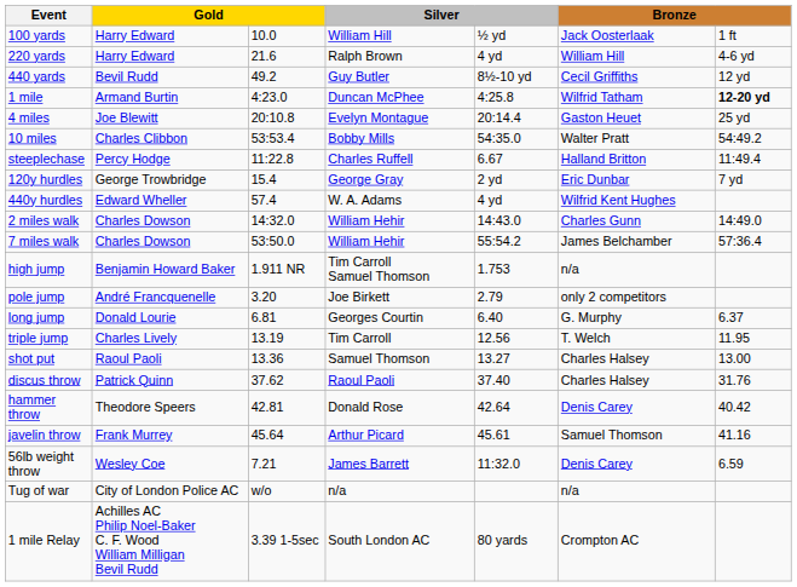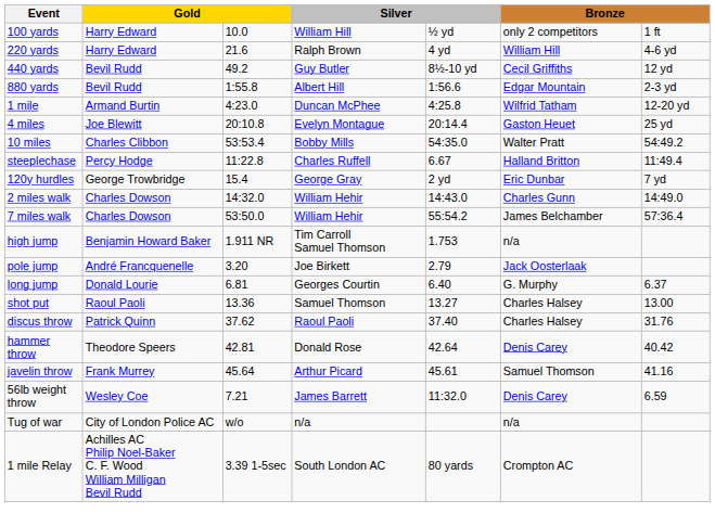 <table class="wikitable" style="text-align:left">
 <tr>
 <th width=100>Event</th>
 <th colspan="2" width="280" style="background:gold;">Gold</th>
 <th colspan="2" width="280" style="background:silver;">Silver</th>
 <th colspan="2" width="280" style="background:#CD7F32;">Bronze</th>
 </tr>
 <tr>
 <td><a href='#'>100 yards</a></td>
 <td><a href='#'>Harry Edward</a></td>
 <td>10.0</td>
 <td><a href='#'>William Hill</a></td>
 <td>½ yd</td>
-<td> <a href='#'>Jack Oosterlaak</a></td>
+<td>only 2 competitors</td>
 <td>1 ft</td>
 </tr>
 <tr>
 <td><a href='#'>220 yards</a></td>
 <td><a href='#'>Harry Edward</a></td>
 <td>21.6</td>
 <td> Ralph Brown</td>
 <td>4 yd</td>
 <td><a href='#'>William Hill</a></td>
 <td>4-6 yd</td>
 </tr>
 <tr>
 <td><a href='#'>440 yards</a></td>
 <td> <a href='#'>Bevil Rudd</a></td>
 <td>49.2</td>
 <td><a href='#'>Guy Butler</a></td>
 <td>8½-10 yd</td>
 <td> <a href='#'>Cecil Griffiths</a></td>
 <td>12 yd</td>
 </tr>
 <tr>
+<td><a href='#'>880 yards</a></td>
+<td> <a href='#'>Bevil Rudd</a></td>
+<td>1:55.8</td>
+<td><a href='#'>Albert Hill</a></td>
+<td>1:56.6</td>
+<td><a href='#'>Edgar Mountain</a></td>
+<td>2-3 yd</td>
+</tr>
+<tr>
 <td><a href='#'>1 mile</a></td>
 <td> <a href='#'>Armand Burtin</a></td>
 <td>4:23.0</td>
 <td> <a href='#'>Duncan McPhee</a></td>
 <td>4:25.8</td>
 <td><a href='#'>Wilfrid Tatham</a></td>
-<td><strong>12-20 yd</strong></td>
+<td>12-20 yd</td>
 </tr>
 <tr>
 <td><a href='#'>4 miles</a></td>
 <td><a href='#'>Joe Blewitt</a></td>
 <td>20:10.8</td>
 <td><a href='#'>Evelyn Montague</a></td>
 <td>20:14.4</td>
 <td> <a href='#'>Gaston Heuet</a></td>
 <td>25 yd</td>
 </tr>
 <tr>
 <td><a href='#'>10 miles</a></td>
 <td><a href='#'>Charles Clibbon</a></td>
 <td>53:53.4</td>
 <td><a href='#'>Bobby Mills</a></td>
 <td>54:35.0</td>
 <td>Walter Pratt</td>
 <td>54:49.2</td>
 </tr>
 <tr>
 <td><a href='#'>steeplechase</a></td>
 <td><a href='#'>Percy Hodge</a></td>
 <td>11:22.8</td>
 <td><a href='#'>Charles Ruffell</a></td>
 <td>6.67</td>
 <td><a href='#'>Halland Britton</a></td>
 <td>11:49.4</td>
 </tr>
 <tr>
 <td><a href='#'>120y hurdles</a></td>
 <td> George Trowbridge</td>
 <td>15.4</td>
 <td><a href='#'>George Gray</a></td>
 <td>2 yd</td>
 <td> <a href='#'>Eric Dunbar</a></td>
 <td>7 yd</td>
 </tr>
 <tr>
-<td><a href='#'>440y hurdles</a></td>
-<td><a href='#'>Edward Wheller</a></td>
-<td>57.4</td>
-<td> W. A. Adams</td>
-<td>4 yd</td>
-<td> <a href='#'>Wilfrid Kent Hughes</a></td>
-<td></td>
-</tr>
-<tr>
 <td><a href='#'>2 miles walk</a></td>
 <td><a href='#'>Charles Dowson</a></td>
 <td>14:32.0</td>
 <td><a href='#'>William Hehir</a></td>
 <td>14:43.0</td>
 <td><a href='#'>Charles Gunn</a></td>
 <td>14:49.0</td>
 </tr>
 <tr>
 <td><a href='#'>7 miles walk</a></td>
 <td><a href='#'>Charles Dowson</a></td>
 <td>53:50.0</td>
 <td><a href='#'>William Hehir</a></td>
 <td>55:54.2</td>
 <td>James Belchamber</td>
 <td>57:36.4</td>
 </tr>
 <tr>
 <td><a href='#'>high jump</a></td>
 <td><a href='#'>Benjamin Howard Baker</a></td>
 <td>1.911 NR</td>
 <td> Tim Carroll<br> Samuel Thomson</td>
 <td>1.753</td>
 <td>n/a</td>
 <td></td>
 </tr>
 <tr>
 <td><a href='#'>pole jump</a></td>
 <td> <a href='#'>André Francquenelle</a></td>
 <td>3.20</td>
 <td>Joe Birkett</td>
 <td>2.79</td>
-<td>only 2 competitors</td>
+<td> <a href='#'>Jack Oosterlaak</a></td>
 <td></td>
 </tr>
 <tr>
 <td><a href='#'>long jump</a></td>
 <td> <a href='#'>Donald Lourie</a></td>
 <td>6.81</td>
 <td> Georges Courtin</td>
 <td>6.40</td>
 <td> G. Murphy</td>
 <td>6.37</td>
-</tr>
-<tr>
-<td><a href='#'>triple jump</a></td>
-<td><a href='#'>Charles Lively</a></td>
-<td>13.19</td>
-<td> Tim Carroll</td>
-<td>12.56</td>
-<td>T. Welch</td>
-<td>11.95</td>
 </tr>
 <tr>
 <td><a href='#'>shot put</a></td>
 <td> <a href='#'>Raoul Paoli</a></td>
 <td>13.36</td>
 <td> Samuel Thomson</td>
 <td>13.27</td>
 <td> Charles Halsey</td>
 <td>13.00</td>
 </tr>
 <tr>
 <td><a href='#'>discus throw</a></td>
 <td> <a href='#'>Patrick Quinn</a></td>
 <td>37.62</td>
 <td> <a href='#'>Raoul Paoli</a></td>
 <td>37.40</td>
 <td> Charles Halsey</td>
 <td>31.76</td>
 </tr>
 <tr>
 <td><a href='#'>hammer throw</a></td>
 <td> Theodore Speers</td>
 <td>42.81</td>
 <td> Donald Rose</td>
 <td>42.64</td>
 <td> <a href='#'>Denis Carey</a></td>
 <td>40.42</td>
 </tr>
 <tr>
 <td><a href='#'>javelin throw</a></td>
 <td> <a href='#'>Frank Murrey</a></td>
 <td>45.64</td>
 <td> <a href='#'>Arthur Picard</a></td>
 <td>45.61</td>
 <td> Samuel Thomson</td>
 <td>41.16</td>
 </tr>
 <tr>
 <td>56lb weight throw</td>
 <td> <a href='#'>Wesley Coe</a></td>
 <td>7.21</td>
 <td> <a href='#'>James Barrett</a></td>
 <td>11:32.0</td>
 <td> <a href='#'>Denis Carey</a></td>
 <td>6.59</td>
 </tr>
 <tr>
 <td>Tug of war</td>
 <td>City of London Police AC</td>
 <td>w/o</td>
 <td>n/a</td>
 <td></td>
 <td>n/a</td>
 <td></td>
 </tr>
 <tr>
 <td>1 mile Relay</td>
 <td>Achilles AC <br><a href='#'>Philip Noel-Baker</a><br>C. F. Wood<br><a href='#'>William Milligan</a><br><a href='#'>Bevil Rudd</a></td>
 <td>3.39 1-5sec</td>
 <td>South London AC</td>
 <td>80 yards</td>
 <td>Crompton AC</td>
 <td></td>
 </tr>
 </table>
